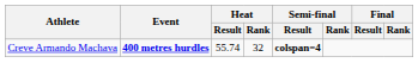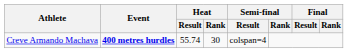 <table class="wikitable" style="font-size:90%">
 <tr>
 <th rowspan="2">Athlete</th>
 <th rowspan="2">Event</th>
 <th colspan="2">Heat</th>
 <th colspan="2">Semi-final</th>
 <th colspan="2">Final</th>
 </tr>
 <tr style="font-size:95%">
 <th>Result</th>
 <th>Rank</th>
 <th>Result</th>
 <th>Rank</th>
 <th>Result</th>
 <th>Rank</th>
 </tr>
 <tr style=text-align:center>
 <td style=text-align:left><a href='#'>Creve Armando Machava</a></td>
 <td style=text-align:left><strong><a href='#'>400 metres hurdles</a></strong></td>
 <td>55.74</td>
-<td>32</td>
-<td><strong>colspan=4 </strong></td>
+<td>30</td>
+<td>colspan=4 </td>
 </tr>
 </table>
